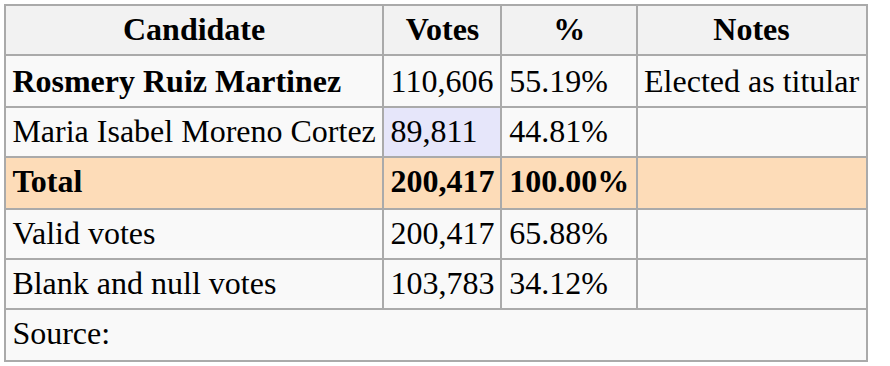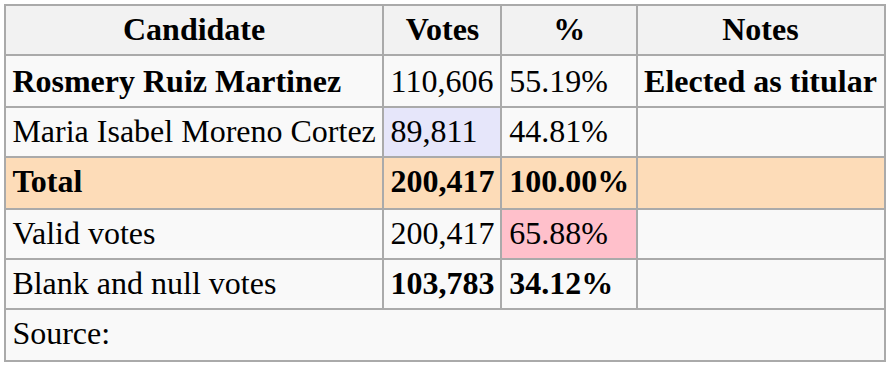 <table class=wikitable>
 <tr>
 <th>Candidate</th>
 <th>Votes</th>
 <th>%</th>
 <th>Notes</th>
 </tr>
 <tr>
 <td><strong>Rosmery Ruiz Martinez</strong></td>
 <td>110,606</td>
 <td>55.19%</td>
-<td>Elected as titular</td>
+<td><strong>Elected as titular</strong></td>
 </tr>
 <tr>
 <td>Maria Isabel Moreno Cortez</td>
 <td style="background: lavender;">89,811</td>
 <td>44.81%</td>
 <td></td>
 </tr>
 <tr>
 <td style="background:#FDDCB8"><strong>Total</strong></td>
 <td style="background:#FDDCB8"><strong>200,417</strong></td>
 <td style="background:#FDDCB8"><strong>100.00%</strong></td>
 <td style="background:#FDDCB8"></td>
 </tr>
 <tr>
 <td>Valid votes</td>
 <td>200,417</td>
-<td>65.88%</td>
+<td style="background: pink;">65.88%</td>
 <td></td>
 </tr>
 <tr>
 <td>Blank and null votes</td>
-<td>103,783</td>
-<td>34.12%</td>
+<td><strong>103,783</strong></td>
+<td><strong>34.12%</strong></td>
 <td></td>
 </tr>
 <tr>
 <td colspan="4">Source: </td>
 </tr>
 <tr>
 </tr>
 </table>
